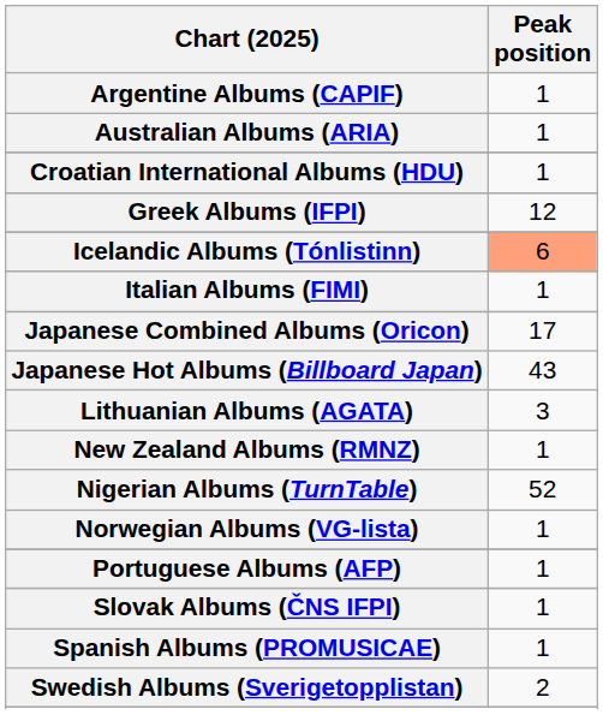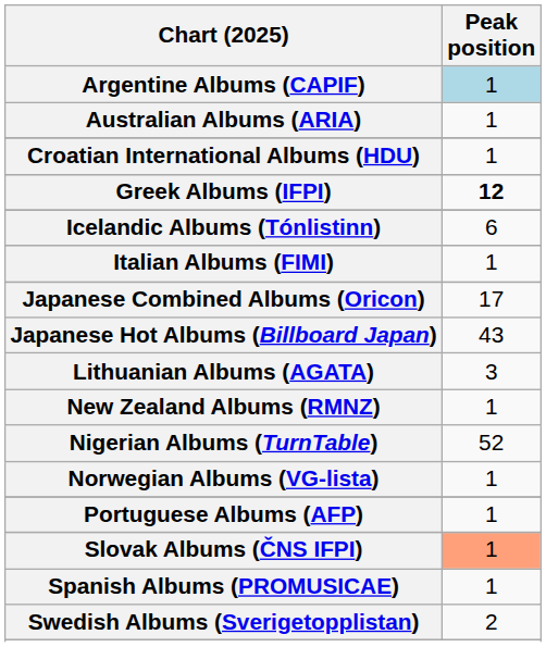 <table class="wikitable sortable plainrowheaders" style="text-align:center">
 <tr>
 <th scope="col">Chart (2025)</th>
 <th scope="col">Peak<br>position</th>
 </tr>
 <tr>
 <th scope="row">Argentine Albums (<a href='#'>CAPIF</a>)</th>
-<td>1</td>
+<td style="background: lightblue;">1</td>
 </tr>
 <tr>
 <th scope="row">Australian Albums (<a href='#'>ARIA</a>)</th>
 <td>1</td>
 </tr>
 <tr>
 </tr>
 <tr>
 </tr>
 <tr>
 </tr>
 <tr>
 </tr>
 <tr>
 <th scope="row">Croatian International Albums (<a href='#'>HDU</a>)</th>
 <td>1</td>
 </tr>
 <tr>
 </tr>
 <tr>
 </tr>
 <tr>
 </tr>
 <tr>
 </tr>
 <tr>
 </tr>
 <tr>
 </tr>
 <tr>
 <th scope="row">Greek Albums (<a href='#'>IFPI</a>)</th>
-<td>12</td>
+<td><strong>12</strong></td>
 </tr>
 <tr>
 </tr>
 <tr>
 <th scope="row">Icelandic Albums (<a href='#'>Tónlistinn</a>)</th>
-<td style="background: lightsalmon;">6</td>
+<td>6</td>
 </tr>
 <tr>
 </tr>
 <tr>
 <th scope="row">Italian Albums (<a href='#'>FIMI</a>)</th>
 <td>1</td>
 </tr>
 <tr>
 </tr>
 <tr>
 <th scope="row">Japanese Combined Albums (<a href='#'>Oricon</a>)</th>
 <td>17</td>
 </tr>
 <tr>
 <th scope="row">Japanese Hot Albums (<em><a href='#'>Billboard Japan</a></em>)</th>
 <td>43</td>
 </tr>
 <tr>
 <th scope="row">Lithuanian Albums (<a href='#'>AGATA</a>)</th>
 <td>3</td>
 </tr>
 <tr>
 <th scope="row">New Zealand Albums (<a href='#'>RMNZ</a>)</th>
 <td>1</td>
 </tr>
 <tr>
 <th scope="row">Nigerian Albums (<a href='#'><em>TurnTable</em></a>)</th>
 <td>52</td>
 </tr>
 <tr>
 <th scope="row">Norwegian Albums (<a href='#'>VG-lista</a>)</th>
 <td>1</td>
 </tr>
 <tr>
 </tr>
 <tr>
 <th scope="row">Portuguese Albums (<a href='#'>AFP</a>)</th>
 <td>1</td>
 </tr>
 <tr>
 </tr>
 <tr>
 <th scope="row">Slovak Albums (<a href='#'>ČNS IFPI</a>)</th>
-<td>1</td>
+<td style="background: lightsalmon;">1</td>
 </tr>
 <tr>
 <th scope="row">Spanish Albums (<a href='#'>PROMUSICAE</a>)</th>
 <td>1</td>
 </tr>
 <tr>
 <th scope="row">Swedish Albums (<a href='#'>Sverigetopplistan</a>)</th>
 <td>2</td>
 </tr>
 <tr>
 </tr>
 <tr>
 </tr>
 <tr>
 </tr>
 <tr>
 </tr>
 </table>
